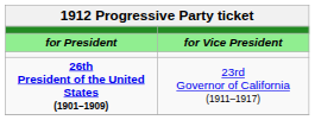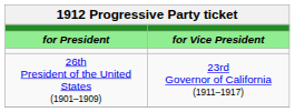 <table class="wikitable" style="font-size:100%; text-align:center;">
 <tr>
 <td style="background:#f1f1f1;" colspan="30"><big><strong>1912 Progressive Party ticket</strong></big></td>
 </tr>
 <tr>
 <th style="width:3em; font-size:135%; background:#228B22; width:200px;"><a href='#'></a></th>
 <th style="width:3em; font-size:135%; background:#228B22; width:200px;"><a href='#'></a></th>
 </tr>
 <tr style="color:#000000; font-size:100%;">
 <td style="width:3em; font-size:100%; color:#000; background:#90EE90; width:200px;"><strong><em>for President</em></strong></td>
 <td style="width:3em; font-size:100%; color:#000; background:#90EE90; width:200px;"><strong><em>for Vice President</em></strong></td>
 </tr>
 <tr>
 <td></td>
 <td></td>
 </tr>
 <tr>
-<td><strong><a href='#'>26th</a><br><a href='#'>President of the United States</a><br><small>(1901–1909)</small></strong></td>
+<td><a href='#'>26th</a><br><a href='#'>President of the United States</a><br><small>(1901–1909)</small></td>
 <td><a href='#'>23rd</a><br><a href='#'>Governor of California</a><br><small>(1911–1917)</small></td>
 </tr>
 <tr>
 </tr>
 </table>
